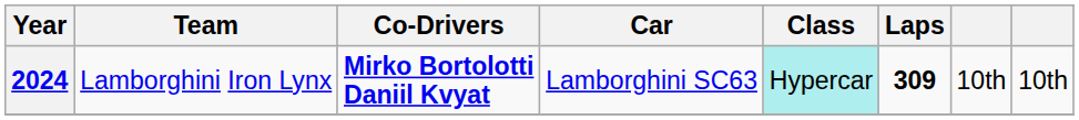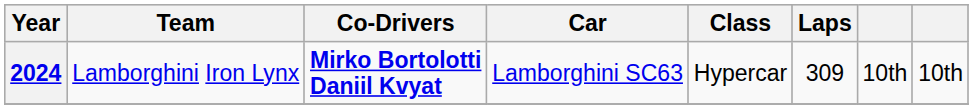 <table class="wikitable" style="text-align:center; font-size:90%">
 <tr>
 <th>Year</th>
 <th>Team</th>
 <th>Co-Drivers</th>
 <th>Car</th>
 <th>Class</th>
 <th>Laps</th>
 <th></th>
 <th></th>
 </tr>
 <tr>
 <th><a href='#'>2024</a></th>
 <td align="left"nowrap> <a href='#'>Lamborghini</a> <a href='#'>Iron Lynx</a></td>
 <td align="left"nowrap><strong> <a href='#'>Mirko Bortolotti</a><br> <a href='#'>Daniil Kvyat</a></strong></td>
 <td align="left"nowrap><a href='#'>Lamborghini SC63</a></td>
-<td style="background: paleturquoise;">Hypercar</td>
-<td><strong>309</strong></td>
+<td>Hypercar</td>
+<td>309</td>
 <td>10th</td>
 <td>10th</td>
 </tr>
 <tr>
 </tr>
 </table>
